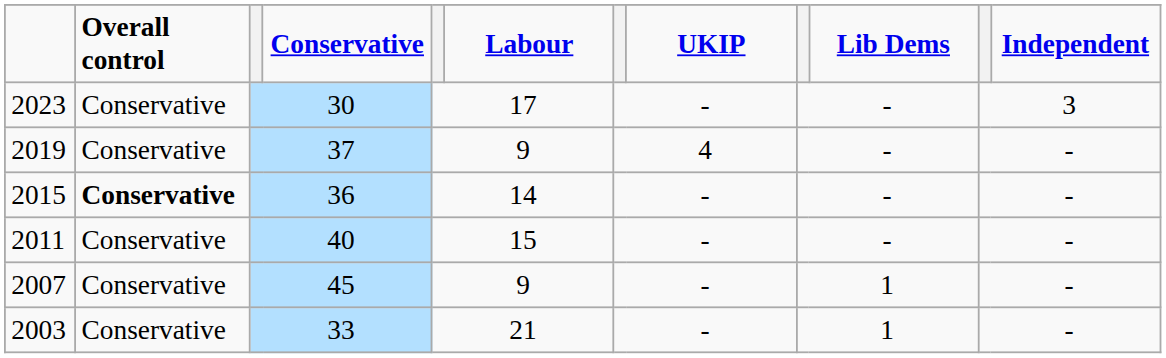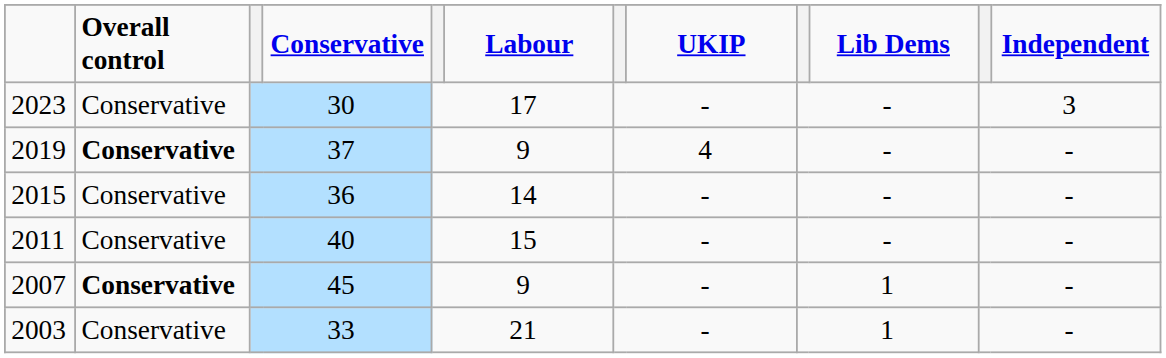 <table class="wikitable" style="text-align:left; padding-left:1em; font-size: 95%">
 <tr>
 <td width=32></td>
 <td width=90><strong>Overall control</strong></td>
 <th style="background-color: "></th>
 <td width=87 align="center"><strong><a href='#'>Conservative</a></strong></td>
 <th style="background-color: "></th>
 <td width=87 align="center"><strong><a href='#'>Labour</a></strong></td>
 <th style="background-color: "></th>
 <td width=87 align="center"><strong><a href='#'>UKIP</a></strong></td>
 <th style="background-color: "></th>
 <td width=87 align="center"><strong><a href='#'>Lib Dems</a></strong></td>
 <th style="background-color: "></th>
 <td width=87 align="center"><strong><a href='#'>Independent</a></strong></td>
 </tr>
 <tr>
 <td>2023</td>
 <td style="background:">Conservative</td>
 <td colspan=2 align="center" style="background:#B3E0FF">30</td>
 <td colspan=2 align="center">17</td>
 <td colspan=2 align="center">-</td>
 <td colspan=2 align="center">-</td>
 <td colspan=2 align="center">3</td>
 </tr>
 <tr>
 <td>2019</td>
-<td style="background:">Conservative</td>
+<td style="background:"><strong>Conservative</strong></td>
 <td colspan=2 align="center" style="background:#B3E0FF">37</td>
 <td colspan=2 align="center">9</td>
 <td colspan=2 align="center">4</td>
 <td colspan=2 align="center">-</td>
 <td colspan=2 align="center">-</td>
 </tr>
 <tr>
 <td>2015</td>
-<td style="background:"><strong>Conservative</strong></td>
+<td style="background:">Conservative</td>
 <td colspan=2 align="center" style="background:#B3E0FF">36</td>
 <td colspan=2 align="center">14</td>
 <td colspan=2 align="center">-</td>
 <td colspan=2 align="center">-</td>
 <td colspan=2 align="center">-</td>
 </tr>
 <tr>
 <td>2011</td>
 <td style="background:">Conservative</td>
 <td colspan=2 align="center" style="background:#B3E0FF">40</td>
 <td colspan=2 align="center">15</td>
 <td colspan=2 align="center">-</td>
 <td colspan=2 align="center">-</td>
 <td colspan=2 align="center">-</td>
 </tr>
 <tr>
 <td>2007</td>
-<td style="background:">Conservative</td>
+<td style="background:"><strong>Conservative</strong></td>
 <td colspan=2 align="center" style="background:#B3E0FF">45</td>
 <td colspan=2 align="center">9</td>
 <td colspan=2 align="center">-</td>
 <td colspan=2 align="center">1</td>
 <td colspan=2 align="center">-</td>
 </tr>
 <tr>
 <td>2003</td>
 <td style="background:">Conservative</td>
 <td colspan=2 align="center" style="background:#B3E0FF">33</td>
 <td colspan=2 align="center">21</td>
 <td colspan=2 align="center">-</td>
 <td colspan=2 align="center">1</td>
 <td colspan=2 align="center">-</td>
 </tr>
 </table>
